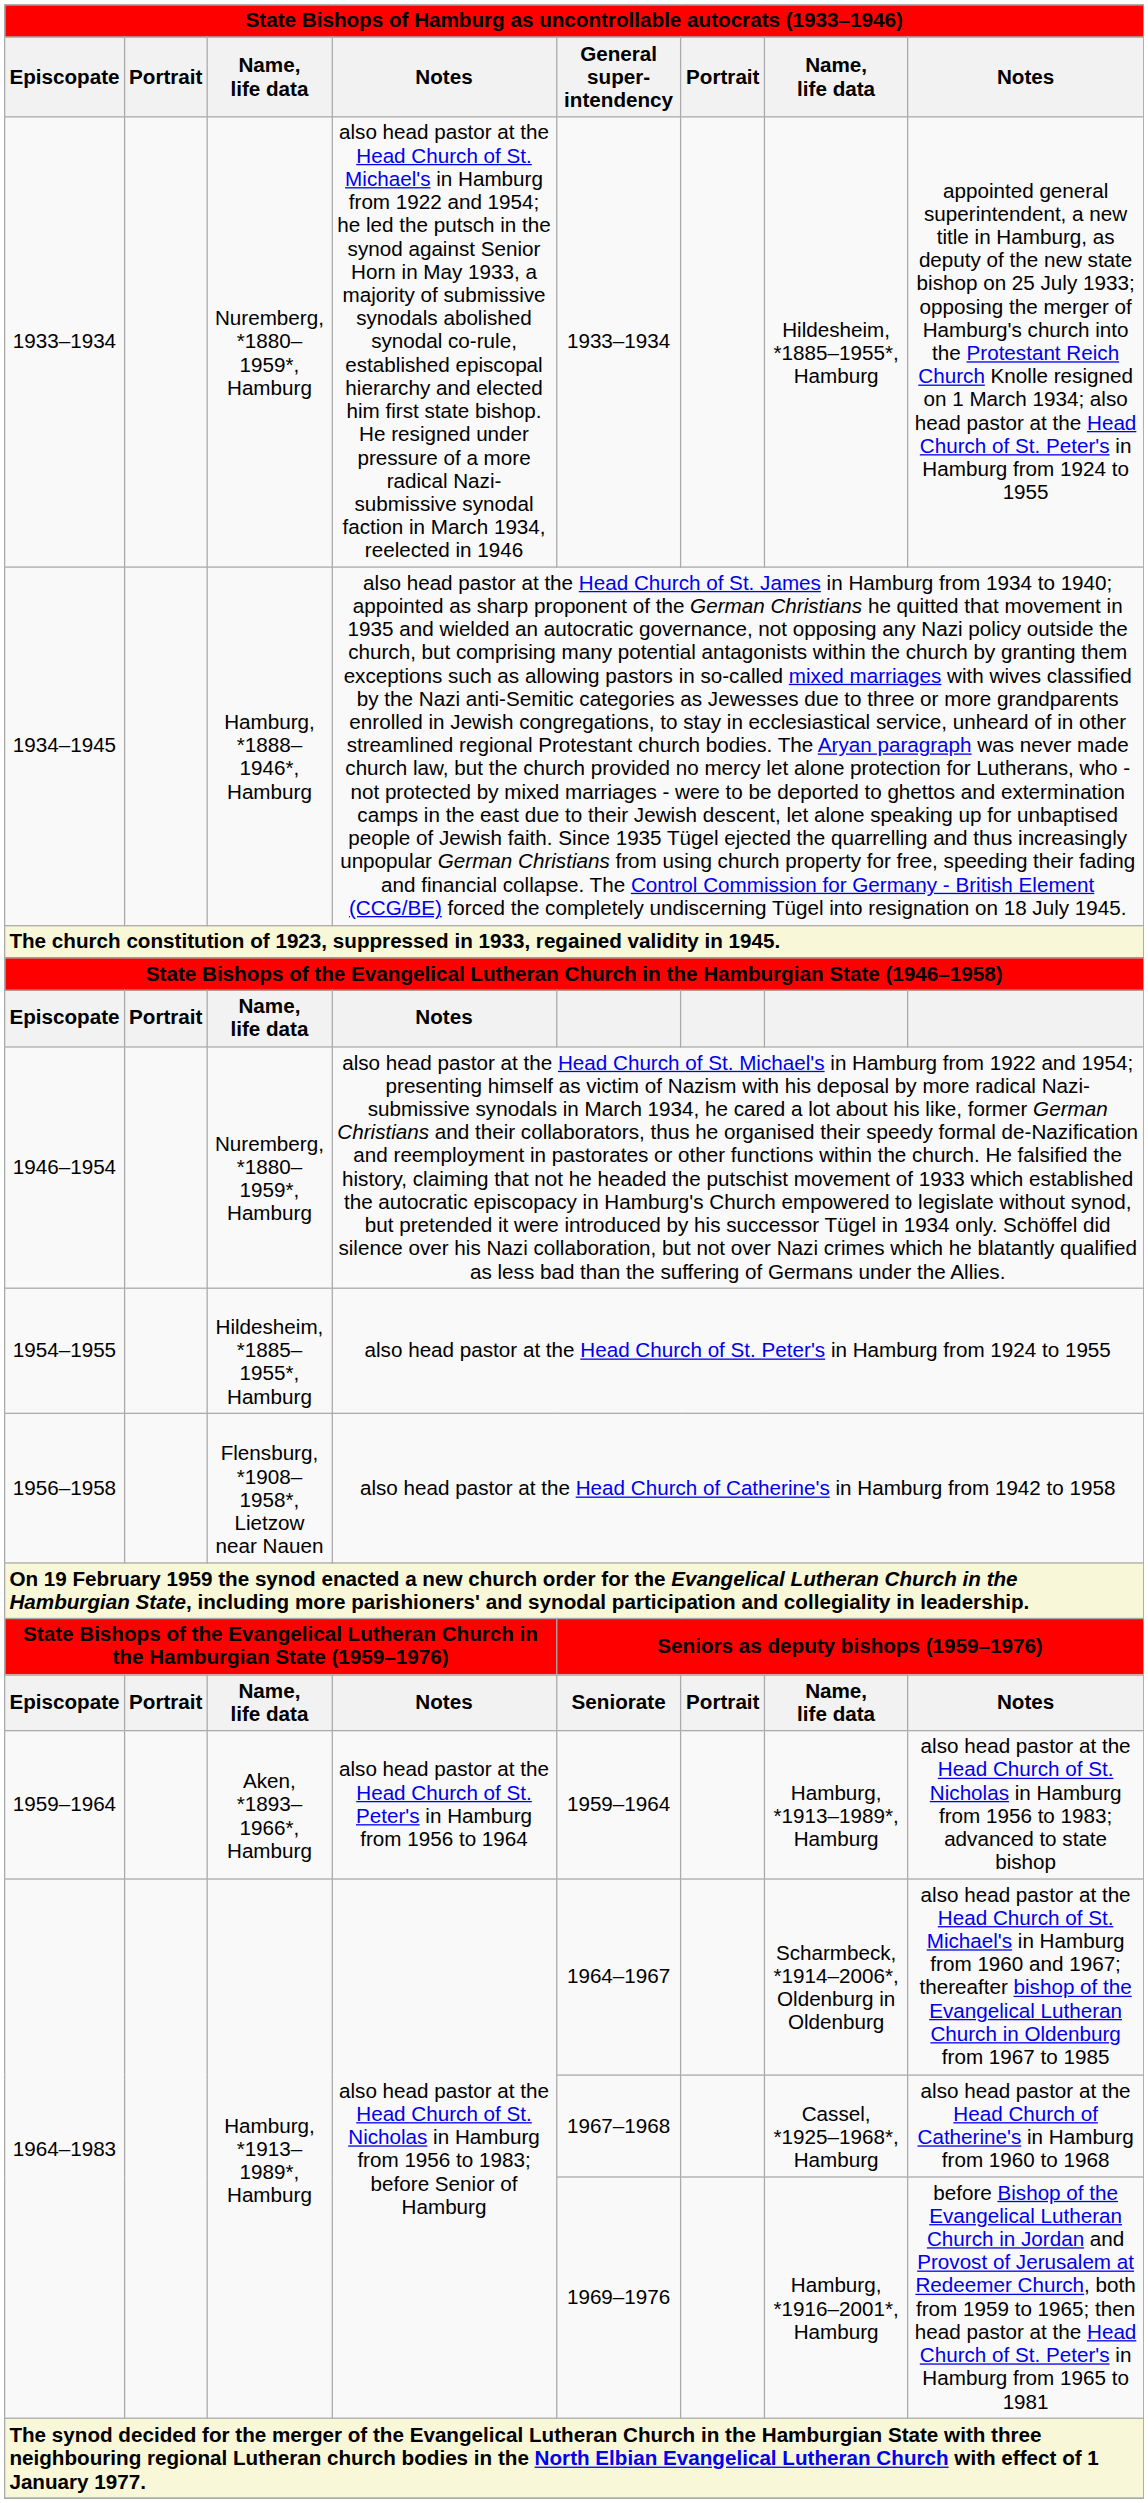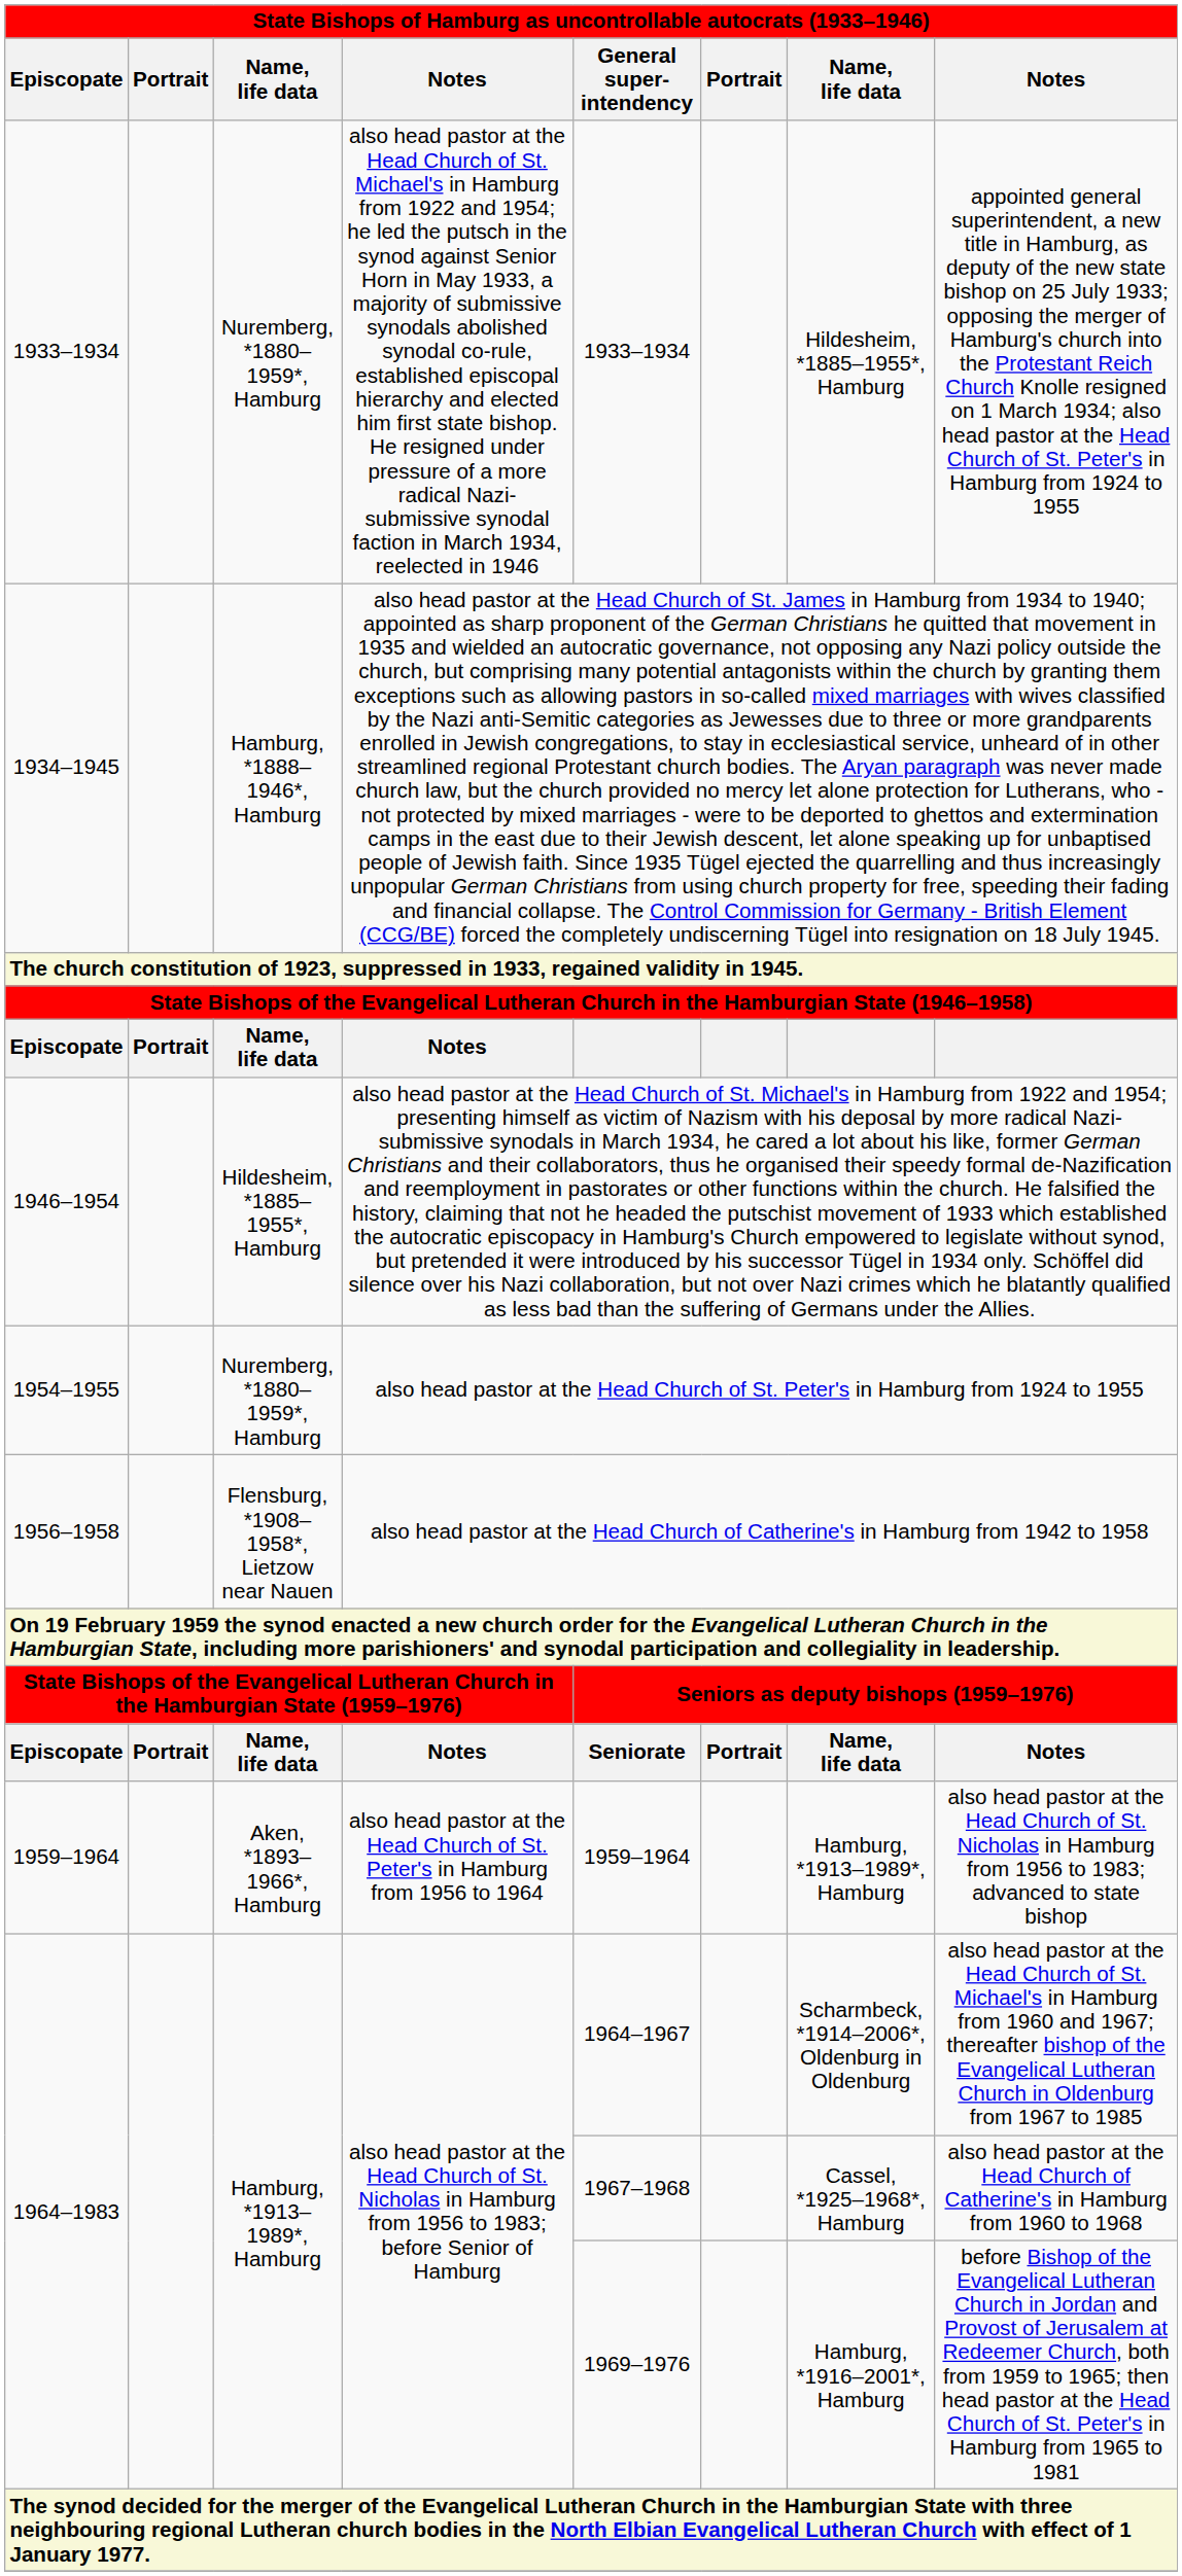 <table width=100% class="wikitable">
 <tr>
 <td colspan="8" bgcolor=red align=center><span><strong>State Bishops of Hamburg as uncontrollable autocrats (1933–1946)</strong></span></td>
 </tr>
 <tr>
 <th>Episcopate</th>
 <th>Portrait</th>
 <th>Name, <br>life data</th>
 <th>Notes</th>
 <th>General super-intendency</th>
 <th>Portrait</th>
 <th>Name, <br>life data</th>
 <th>Notes</th>
 </tr>
 <tr>
 <td align=center>1933–1934</td>
 <td align=center></td>
 <td align="center"><br>Nuremberg, *1880–1959*, Hamburg<small></small></td>
 <td colspan="1" align="center">also head pastor at the <a href='#'>Head Church of St. Michael's</a> in Hamburg from 1922 and 1954; he led the putsch in the synod against Senior Horn in May 1933, a majority of submissive synodals abolished synodal co-rule, established episcopal hierarchy and elected him first state bishop. He resigned under pressure of a more radical Nazi-submissive synodal faction in March 1934, reelected in 1946</td>
 <td align=center>1933–1934</td>
 <td align=center></td>
 <td align="center"><br>Hildesheim, *1885–1955*, Hamburg<small></small></td>
 <td colspan="1" align="center">appointed general superintendent, a new title in Hamburg, as deputy of the new state bishop on 25 July 1933; opposing the merger of Hamburg's church into the <a href='#'>Protestant Reich Church</a> Knolle resigned on 1 March 1934; also head pastor at the <a href='#'>Head Church of St. Peter's</a> in Hamburg from 1924 to 1955</td>
 </tr>
 <tr>
 <td align=center>1934–1945</td>
 <td align=center></td>
 <td align="center"><br>Hamburg, *1888–1946*, Hamburg<small></small></td>
 <td colspan="5" align="center">also head pastor at the <a href='#'>Head Church of St. James</a> in Hamburg from 1934 to 1940; appointed as sharp proponent of the <em>German Christians</em> he quitted that movement in 1935 and wielded an autocratic governance, not opposing any Nazi policy outside the church, but comprising many potential antagonists within the church by granting them exceptions such as allowing pastors in so-called <a href='#'>mixed marriages</a> with wives classified by the Nazi anti-Semitic categories as Jewesses due to three or more grandparents enrolled in Jewish congregations, to stay in ecclesiastical service, unheard of in other streamlined regional Protestant church bodies. The <a href='#'>Aryan paragraph</a> was never made church law, but the church provided no mercy let alone protection for Lutherans, who - not protected by mixed marriages - were to be deported to ghettos and extermination camps in the east due to their Jewish descent, let alone speaking up for unbaptised people of Jewish faith. Since 1935 Tügel ejected the quarrelling and thus increasingly unpopular <em>German Christians</em> from using church property for free, speeding their fading and financial collapse. The <a href='#'>Control Commission for Germany - British Element (CCG/BE)</a> forced the completely undiscerning Tügel into resignation on 18 July 1945.</td>
 </tr>
 <tr>
 <td colspan = "8" bgcolor = "F8F8D8" align="left"><strong>The church constitution of 1923, suppressed in 1933, regained validity in 1945.</strong></td>
 </tr>
 <tr>
 <td colspan="8" bgcolor=red align=center><span><strong>State Bishops of the Evangelical Lutheran Church in the Hamburgian State (1946–1958)</strong></span></td>
 </tr>
 <tr>
 <th>Episcopate</th>
 <th>Portrait</th>
 <th>Name, <br>life data</th>
 <th>Notes</th>
 <th></th>
 <th></th>
 <th></th>
 <th></th>
 </tr>
 <tr>
 <td align=center>1946–1954</td>
 <td align=center></td>
-<td align="center"><br>Nuremberg, *1880–1959*, Hamburg<small></small></td>
+<td align="center"><br>Hildesheim, *1885–1955*, Hamburg<small></small></td>
 <td colspan="5" align="center">also head pastor at the <a href='#'>Head Church of St. Michael's</a> in Hamburg from 1922 and 1954; presenting himself as victim of Nazism with his deposal by more radical Nazi-submissive synodals in March 1934, he cared a lot about his like, former <em>German Christians</em> and their collaborators, thus he organised their speedy formal de-Nazification and reemployment in pastorates or other functions within the church. He falsified the history, claiming that not he headed the putschist movement of 1933 which established the autocratic episcopacy in Hamburg's Church empowered to legislate without synod, but pretended it were introduced by his successor Tügel in 1934 only. Schöffel did silence over his Nazi collaboration, but not over Nazi crimes which he blatantly qualified as less bad than the suffering of Germans under the Allies.</td>
 </tr>
 <tr>
 <td align=center>1954–1955</td>
 <td align=center></td>
-<td align="center"><br>Hildesheim, *1885–1955*, Hamburg<small></small></td>
+<td align="center"><br>Nuremberg, *1880–1959*, Hamburg<small></small></td>
 <td colspan="5" align="center">also head pastor at the <a href='#'>Head Church of St. Peter's</a> in Hamburg from 1924 to 1955</td>
 </tr>
 <tr>
 <td align=center>1956–1958</td>
 <td align=center></td>
 <td align="center"><br>Flensburg, *1908–1958*, Lietzow near Nauen<small></small></td>
 <td colspan="5" align="center">also head pastor at the <a href='#'>Head Church of Catherine's</a> in Hamburg from 1942 to 1958</td>
 </tr>
 <tr>
 <td colspan = "8" bgcolor = "F8F8D8" align="left"><strong>On 19 February 1959 the synod enacted a new church order for the <em>Evangelical Lutheran Church in the Hamburgian State</em>, including more parishioners' and synodal participation and collegiality in leadership.</strong></td>
 </tr>
 <tr>
 <td colspan="4" bgcolor=red align=center><span><strong>State Bishops of the Evangelical Lutheran Church in the Hamburgian State (1959–1976)</strong></span></td>
 <td colspan="4" bgcolor=red align=center><span><strong>Seniors as deputy bishops (1959–1976)</strong></span></td>
 </tr>
 <tr>
 <th bgcolor = "#FFDEAD">Episcopate</th>
 <th bgcolor = "#FFDEAD">Portrait</th>
 <th bgcolor = "#FFDEAD">Name, <br>life data</th>
 <th bgcolor = "#FFDEAD">Notes</th>
 <th bgcolor = "#FFDEAD">Seniorate</th>
 <th bgcolor = "#FFDEAD">Portrait</th>
 <th bgcolor = "#FFDEAD">Name, <br>life data</th>
 <th bgcolor = "#FFDEAD">Notes</th>
 </tr>
 <tr>
 <td align=center>1959–1964</td>
 <td align=center></td>
 <td align="center"><br>Aken, *1893–1966*, Hamburg<small></small></td>
 <td align="center">also head pastor at the <a href='#'>Head Church of St. Peter's</a> in Hamburg from 1956 to 1964</td>
 <td align=center>1959–1964</td>
 <td align=center></td>
 <td align="center"><br>Hamburg, *1913–1989*, Hamburg<small></small></td>
 <td align="center">also head pastor at the <a href='#'>Head Church of St. Nicholas</a> in Hamburg from 1956 to 1983; advanced to state bishop</td>
 </tr>
 <tr>
 <td rowspan="3" align=center>1964–1983</td>
 <td rowspan="3" align=center></td>
 <td rowspan="3" align="center"><br>Hamburg, *1913–1989*, Hamburg<small></small></td>
 <td rowspan="3" align="center">also head pastor at the <a href='#'>Head Church of St. Nicholas</a> in Hamburg from 1956 to 1983; before Senior of Hamburg</td>
 <td align=center>1964–1967</td>
 <td align=center></td>
 <td align="center"><br>Scharmbeck, *1914–2006*, Oldenburg in Oldenburg<small></small></td>
 <td align="center">also head pastor at the <a href='#'>Head Church of St. Michael's</a> in Hamburg from 1960 and 1967; thereafter <a href='#'>bishop of the Evangelical Lutheran Church in Oldenburg</a> from 1967 to 1985</td>
 </tr>
 <tr>
 <td align=center>1967–1968</td>
 <td align=center></td>
 <td align="center"><br>Cassel, *1925–1968*, Hamburg</td>
 <td align="center">also head pastor at the <a href='#'>Head Church of Catherine's</a> in Hamburg from 1960 to 1968</td>
 </tr>
 <tr>
 <td align=center>1969–1976</td>
 <td align=center></td>
 <td align="center"><br>Hamburg, *1916–2001*, Hamburg<small></small></td>
 <td align="center">before <a href='#'>Bishop of the Evangelical Lutheran Church in Jordan</a> and <a href='#'>Provost of Jerusalem at Redeemer Church</a>, both from 1959 to 1965; then head pastor at the <a href='#'>Head Church of St. Peter's</a> in Hamburg from 1965 to 1981</td>
 </tr>
 <tr>
 <td colspan = "8" bgcolor = "F8F8D8" align="left"><strong>The synod decided for the merger of the Evangelical Lutheran Church in the Hamburgian State with three neighbouring regional Lutheran church bodies in the <a href='#'>North Elbian Evangelical Lutheran Church</a> with effect of 1 January 1977.</strong></td>
 </tr>
 <tr>
 </tr>
 </table>
